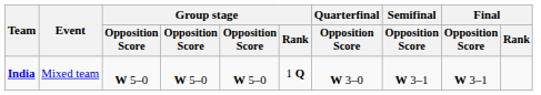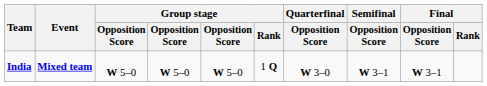 <table class=wikitable style=font-size:90%;text-align:center;>
 <tr>
 <th rowspan=2>Team</th>
 <th rowspan=2>Event</th>
 <th colspan=4>Group stage</th>
 <th>Quarterfinal</th>
 <th>Semifinal</th>
 <th colspan=2>Final</th>
 </tr>
 <tr style=font-size:95%>
 <th>Opposition<br>Score</th>
 <th>Opposition<br>Score</th>
 <th>Opposition<br>Score</th>
 <th>Rank</th>
 <th>Opposition<br>Score</th>
 <th>Opposition<br>Score</th>
 <th>Opposition<br>Score</th>
 <th>Rank</th>
 </tr>
 <tr>
 <td align=left><strong><a href='#'>India</a></strong></td>
-<td align=left><a href='#'>Mixed team</a></td>
+<td align=left><strong><a href='#'>Mixed team</a></strong></td>
 <td><br><strong>W</strong> 5–0</td>
 <td><br><strong>W</strong> 5–0</td>
 <td><br><strong>W</strong> 5–0</td>
 <td>1 <strong>Q</strong></td>
 <td><br><strong>W</strong> 3–0</td>
 <td><br><strong>W</strong> 3–1</td>
 <td><br><strong>W</strong> 3–1</td>
 <td></td>
 </tr>
 </table>
